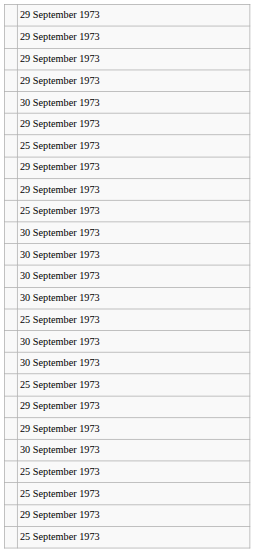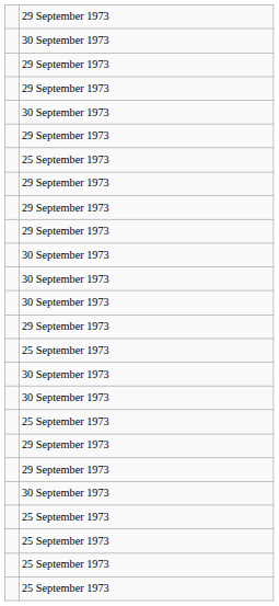 <table class="wikitable" style="font-size: 89%; float: left; width: 24em; margin-right: 1em; line-height: 1.65em">
 <tr>
 <td></td>
 <td>29 September 1973</td>
 </tr>
 <tr>
 <td></td>
-<td>29 September 1973</td>
+<td>30 September 1973</td>
 </tr>
 <tr>
 <td></td>
 <td>29 September 1973</td>
 </tr>
 <tr>
 <td></td>
 <td>29 September 1973</td>
 </tr>
 <tr>
 <td></td>
 <td>30 September 1973</td>
 </tr>
 <tr>
 <td></td>
 <td>29 September 1973</td>
 </tr>
 <tr>
 <td></td>
 <td>25 September 1973</td>
 </tr>
 <tr>
 <td></td>
 <td>29 September 1973</td>
 </tr>
 <tr>
 <td></td>
 <td>29 September 1973</td>
 </tr>
 <tr>
 <td></td>
-<td>25 September 1973</td>
+<td>29 September 1973</td>
 </tr>
 <tr>
 <td></td>
 <td>30 September 1973</td>
 </tr>
 <tr>
 <td></td>
 <td>30 September 1973</td>
 </tr>
 <tr>
 <td></td>
 <td>30 September 1973</td>
 </tr>
 <tr>
 <td></td>
-<td>30 September 1973</td>
+<td>29 September 1973</td>
 </tr>
 <tr>
 <td></td>
 <td>25 September 1973</td>
 </tr>
 <tr>
 <td></td>
 <td>30 September 1973</td>
 </tr>
 <tr>
 <td></td>
 <td>30 September 1973</td>
 </tr>
 <tr>
 <td></td>
 <td>25 September 1973</td>
 </tr>
 <tr>
 <td></td>
 <td>29 September 1973</td>
 </tr>
 <tr>
 <td></td>
 <td>29 September 1973</td>
 </tr>
 <tr>
 <td></td>
 <td>30 September 1973</td>
 </tr>
 <tr>
 <td></td>
 <td>25 September 1973</td>
 </tr>
 <tr>
 <td></td>
 <td>25 September 1973</td>
 </tr>
 <tr>
 <td></td>
-<td>29 September 1973</td>
+<td>25 September 1973</td>
 </tr>
 <tr>
 <td></td>
 <td>25 September 1973</td>
 </tr>
 </table>
